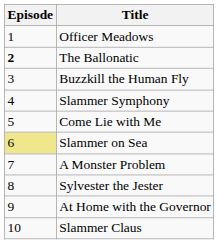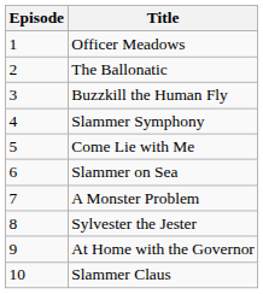 <table class="wikitable">
 <tr>
 <th>Episode</th>
 <th>Title</th>
 </tr>
 <tr>
 <td>1</td>
 <td>Officer Meadows</td>
 </tr>
 <tr>
-<td><strong>2</strong></td>
+<td>2</td>
 <td>The Ballonatic</td>
 </tr>
 <tr>
 <td>3</td>
 <td>Buzzkill the Human Fly</td>
 </tr>
 <tr>
 <td>4</td>
 <td>Slammer Symphony</td>
 </tr>
 <tr>
 <td>5</td>
 <td>Come Lie with Me</td>
 </tr>
 <tr>
-<td style="background: khaki;">6</td>
+<td>6</td>
 <td>Slammer on Sea</td>
 </tr>
 <tr>
 <td>7</td>
 <td>A Monster Problem</td>
 </tr>
 <tr>
 <td>8</td>
 <td>Sylvester the Jester</td>
 </tr>
 <tr>
 <td>9</td>
 <td>At Home with the Governor</td>
 </tr>
 <tr>
 <td>10</td>
 <td>Slammer Claus</td>
 </tr>
 </table>
